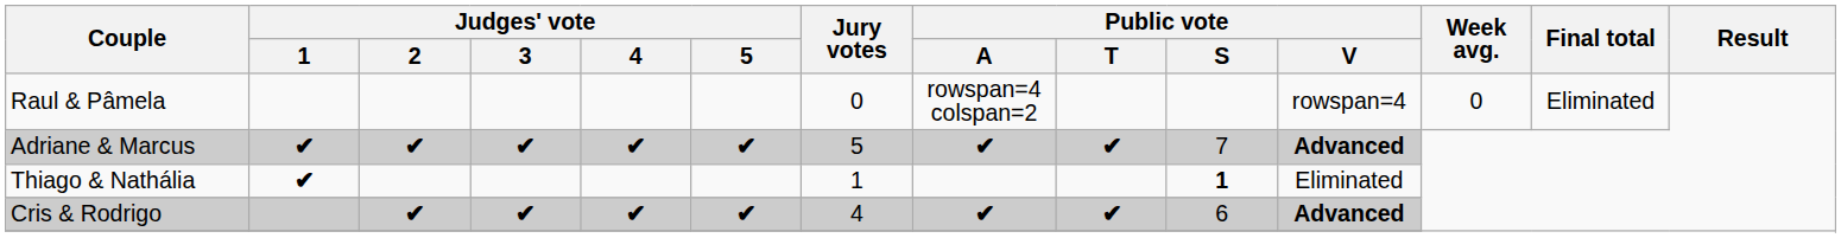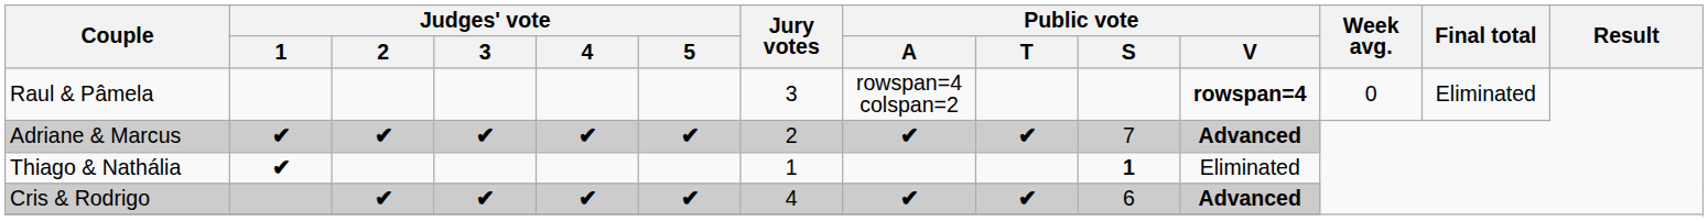 <table class="wikitable" style="font-size:100%; line-height:16px; text-align:center" width="100%">
 <tr>
 <th rowspan=2 style="width:11.0%;">Couple</th>
 <th colspan=5 style="width:25.0%;">Judges' vote</th>
 <th rowspan=2 style="width:05.0%;">Jury votes</th>
 <th colspan=4 style="width:20.0%;">Public vote</th>
 <th rowspan=2 style="width:05.0%;">Week avg.</th>
 <th rowspan=2 style="width:05.0%;">Final total</th>
 <th rowspan=2 style="width:07.5%;">Result</th>
 </tr>
 <tr>
 <th style="width:05.0%;">1</th>
 <th style="width:05.0%;">2</th>
 <th style="width:05.0%;">3</th>
 <th style="width:05.0%;">4</th>
 <th style="width:05.0%;">5</th>
 <th style="width:05.0%;">A</th>
 <th style="width:05.0%;">T</th>
 <th style="width:05.0%;">S</th>
 <th style="width:05.0%;">V</th>
 </tr>
 <tr>
 <td align="left">Raul & Pâmela</td>
 <td></td>
 <td></td>
 <td></td>
 <td></td>
 <td></td>
-<td>0</td>
+<td>3</td>
 <td>rowspan=4 colspan=2 </td>
 <td></td>
 <td></td>
-<td>rowspan=4 </td>
+<td><strong>rowspan=4 </strong></td>
 <td>0</td>
 <td>Eliminated</td>
 </tr>
 <tr bgcolor="CCCCCC">
 <td align="left">Adriane & Marcus</td>
 <td><strong>✔</strong></td>
 <td><strong>✔</strong></td>
 <td><strong>✔</strong></td>
 <td><strong>✔</strong></td>
 <td><strong>✔</strong></td>
-<td>5</td>
+<td>2</td>
 <td><strong>✔</strong></td>
 <td><strong>✔</strong></td>
 <td>7</td>
 <td><strong>Advanced</strong></td>
 </tr>
 <tr>
 <td align="left">Thiago & Nathália</td>
 <td><strong>✔</strong></td>
 <td></td>
 <td></td>
 <td></td>
 <td></td>
 <td>1</td>
 <td></td>
 <td></td>
 <td><strong>1</strong></td>
 <td>Eliminated</td>
 </tr>
 <tr bgcolor="CCCCCC">
 <td align="left">Cris & Rodrigo</td>
 <td></td>
 <td><strong>✔</strong></td>
 <td><strong>✔</strong></td>
 <td><strong>✔</strong></td>
 <td><strong>✔</strong></td>
 <td>4</td>
 <td><strong>✔</strong></td>
 <td><strong>✔</strong></td>
 <td>6</td>
 <td><strong>Advanced</strong></td>
 </tr>
 <tr>
 </tr>
 </table>
